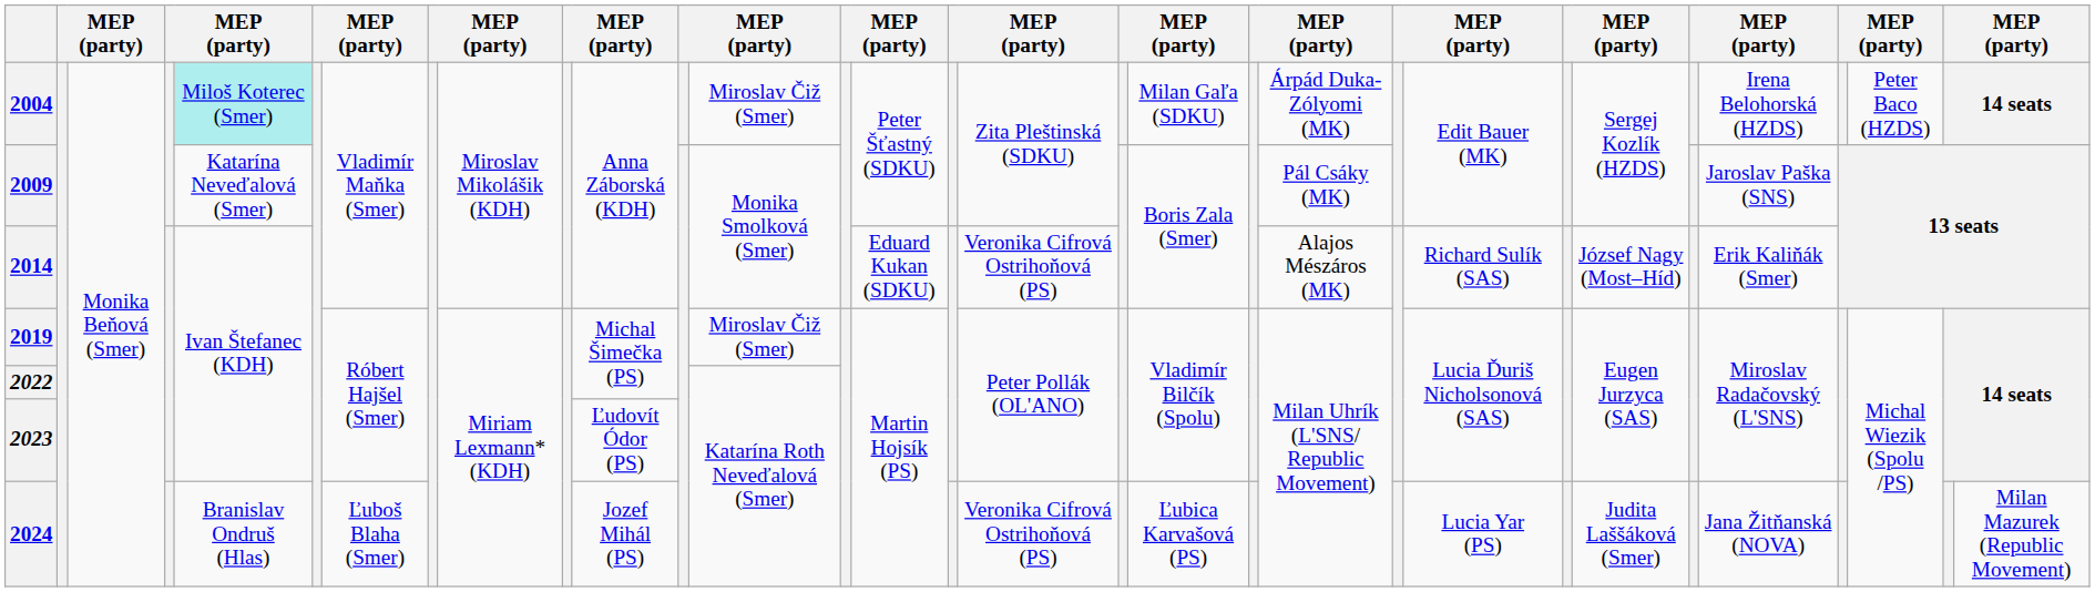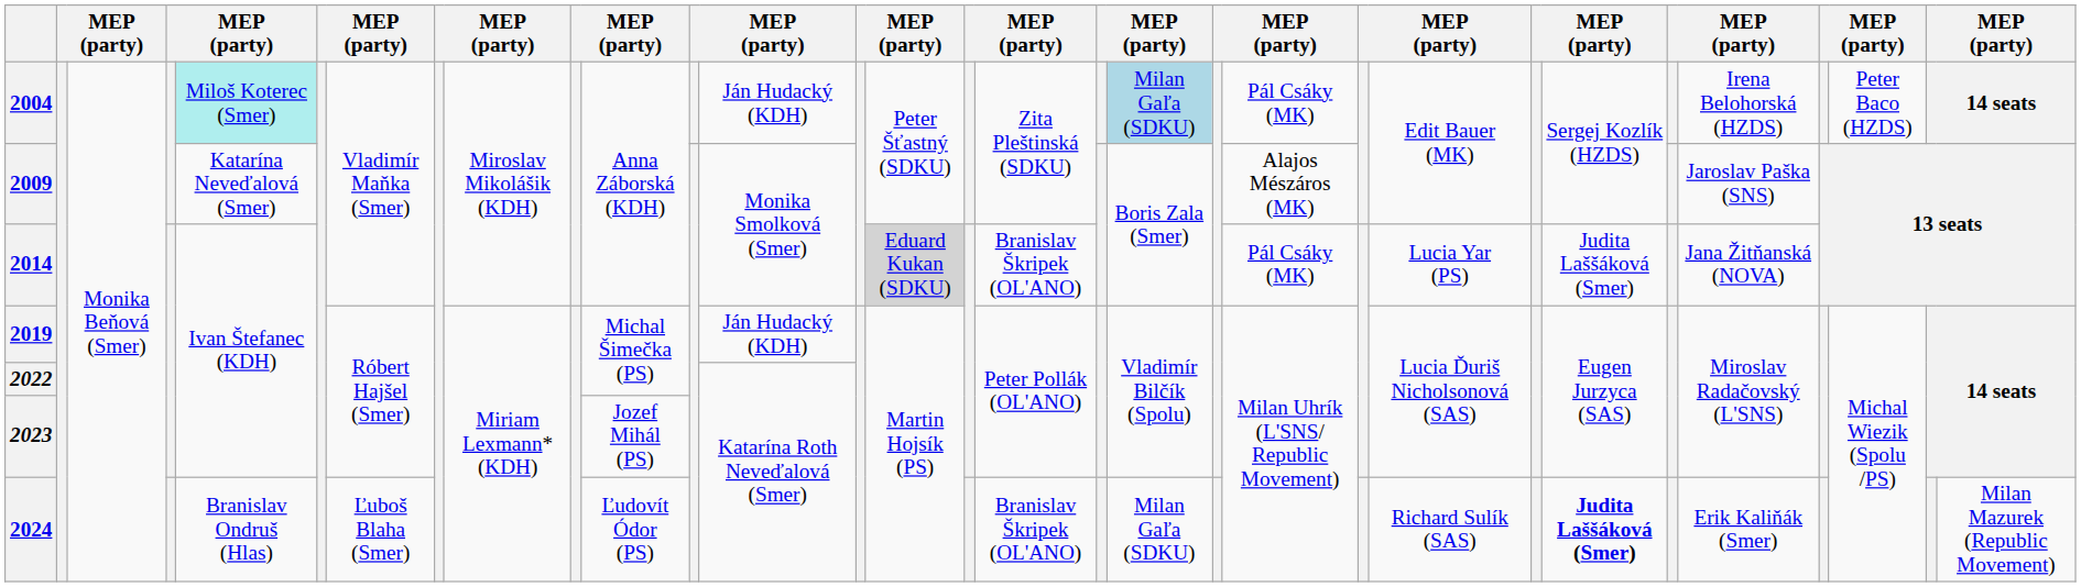 <table class="wikitable" style="text-align:center">
 <tr>
 <th></th>
 <th colspan=2>MEP<br>(party)</th>
 <th colspan=2>MEP<br>(party)</th>
 <th colspan=2>MEP<br>(party)</th>
 <th colspan=2>MEP<br>(party)</th>
 <th colspan=2>MEP<br>(party)</th>
 <th colspan=2>MEP<br>(party)</th>
 <th colspan=2>MEP<br>(party)</th>
 <th colspan=2>MEP<br>(party)</th>
 <th colspan=2>MEP<br>(party)</th>
 <th colspan=2>MEP<br>(party)</th>
 <th colspan=2>MEP<br>(party)</th>
 <th colspan=2>MEP<br>(party)</th>
 <th colspan=2>MEP<br>(party)</th>
 <th colspan=2>MEP<br>(party)</th>
 <th colspan=2>MEP<br>(party)</th>
 </tr>
 <tr>
 <th><a href='#'>2004</a></th>
 <th rowspan=7 style="background-color: "></th>
 <td rowspan=7><a href='#'>Monika Beňová</a><br>(<a href='#'>Smer</a>)</td>
 <th rowspan=2 style="background-color: "></th>
 <td rowspan=1 style="background: paleturquoise;"><a href='#'>Miloš Koterec</a><br>(<a href='#'>Smer</a>)</td>
 <th rowspan=7 style="background-color: "></th>
 <td rowspan=3><a href='#'>Vladimír Maňka</a><br>(<a href='#'>Smer</a>)</td>
 <th rowspan=7 style="background-color: "></th>
 <td rowspan=3><a href='#'>Miroslav Mikolášik</a><br>(<a href='#'>KDH</a>)</td>
 <th rowspan=3 style="background-color: "></th>
 <td rowspan=3><a href='#'>Anna Záborská</a><br>(<a href='#'>KDH</a>)</td>
 <th rowspan=1 style="background-color: "></th>
-<td rowspan=1><a href='#'>Miroslav Čiž</a><br>(<a href='#'>Smer</a>)</td>
+<td rowspan=1><a href='#'>Ján Hudacký</a><br>(<a href='#'>KDH</a>)</td>
 <th rowspan=3 style="background-color: "></th>
 <td rowspan=2><a href='#'>Peter Šťastný</a><br>(<a href='#'>SDKU</a>)</td>
 <th rowspan=2 style="background-color: "></th>
 <td rowspan=2><a href='#'>Zita Pleštinská</a><br>(<a href='#'>SDKU</a>)</td>
 <th rowspan=1 style="background-color: "></th>
-<td rowspan=1><a href='#'>Milan Gaľa</a><br>(<a href='#'>SDKU</a>)</td>
+<td rowspan=1 style="background: lightblue;"><a href='#'>Milan Gaľa</a><br>(<a href='#'>SDKU</a>)</td>
 <th rowspan=3 style="background-color: "></th>
-<td rowspan=1><a href='#'>Árpád Duka-Zólyomi</a><br>(<a href='#'>MK</a>)</td>
+<td rowspan=1><a href='#'>Pál Csáky</a><br>(<a href='#'>MK</a>)</td>
 <th rowspan=2 style="background-color: "></th>
 <td rowspan=2><a href='#'>Edit Bauer</a><br>(<a href='#'>MK</a>)</td>
 <th rowspan=2 style="background-color: "></th>
 <td rowspan=2><a href='#'>Sergej Kozlík</a><br>(<a href='#'>HZDS</a>)</td>
 <th rowspan=1 style="background-color: "></th>
 <td rowspan=1><a href='#'>Irena Belohorská</a><br>(<a href='#'>HZDS</a>)</td>
 <th rowspan=1 style="background-color: "></th>
 <td rowspan=1><a href='#'>Peter Baco</a><br>(<a href='#'>HZDS</a>)</td>
 <th colspan=2>14 seats</th>
 </tr>
 <tr>
 <th><a href='#'>2009</a></th>
 <td rowspan=1><a href='#'>Katarína Neveďalová</a><br>(<a href='#'>Smer</a>)</td>
 <th rowspan=6 style="background-color: "></th>
 <td rowspan=2><a href='#'>Monika Smolková</a><br>(<a href='#'>Smer</a>)</td>
 <th rowspan=2 style="background-color: "></th>
 <td rowspan=2><a href='#'>Boris Zala</a><br>(<a href='#'>Smer</a>)</td>
-<td rowspan=1><a href='#'>Pál Csáky</a><br>(<a href='#'>MK</a>)</td>
+<td rowspan=1>Alajos Mészáros<br>(<a href='#'>MK</a>)</td>
 <th rowspan=1 style="background-color: "></th>
 <td rowspan=1><a href='#'>Jaroslav Paška</a><br>(<a href='#'>SNS</a>)</td>
 <th colspan=4; rowspan=2>13 seats</th>
 </tr>
 <tr>
 <th><a href='#'>2014</a></th>
 <th rowspan=4 style="background-color: "></th>
 <td rowspan=4><a href='#'>Ivan Štefanec</a><br>(<a href='#'>KDH</a>)</td>
-<td rowspan=1><a href='#'>Eduard Kukan</a><br>(<a href='#'>SDKU</a>)</td>
+<td rowspan=1 style="background: lightgrey;"><a href='#'>Eduard Kukan</a><br>(<a href='#'>SDKU</a>)</td>
 <th rowspan=4 style="background-color: "></th>
-<td rowspan=1><a href='#'>Veronika Cifrová Ostrihoňová</a><br>(<a href='#'>PS</a>)</td>
-<td rowspan=1>Alajos Mészáros<br>(<a href='#'>MK</a>)</td>
+<td rowspan=1><a href='#'>Branislav Škripek</a><br>(<a href='#'>OL'ANO</a>)</td>
+<td rowspan=1><a href='#'>Pál Csáky</a><br>(<a href='#'>MK</a>)</td>
 <th rowspan=4 style="background-color: "></th>
-<td rowspan=1><a href='#'>Richard Sulík</a><br>(<a href='#'>SAS</a>)</td>
+<td rowspan=1><a href='#'>Lucia Yar</a><br>(<a href='#'>PS</a>)</td>
 <th rowspan=1 style="background-color: "></th>
-<td rowspan=1><a href='#'>József Nagy</a><br>(<a href='#'>Most–Híd</a>)</td>
+<td rowspan=1><a href='#'>Judita Laššáková</a><br>(<a href='#'>Smer</a>)</td>
 <th rowspan=1 style="background-color: "></th>
-<td rowspan=1><a href='#'>Erik Kaliňák</a><br>(<a href='#'>Smer</a>)</td>
+<td rowspan=1><a href='#'>Jana Žitňanská</a><br>(<a href='#'>NOVA</a>)</td>
 </tr>
 <tr>
 <th><a href='#'>2019</a></th>
 <td rowspan=3><a href='#'>Róbert Hajšel</a><br>(<a href='#'>Smer</a>)</td>
 <td rowspan=4><a href='#'>Miriam Lexmann</a>*<br>(<a href='#'>KDH</a>)</td>
 <th rowspan=4 style="background-color: "></th>
 <td rowspan=2><a href='#'>Michal Šimečka</a><br>(<a href='#'>PS</a>)</td>
-<td rowspan=1><a href='#'>Miroslav Čiž</a><br>(<a href='#'>Smer</a>)</td>
+<td rowspan=1><a href='#'>Ján Hudacký</a><br>(<a href='#'>KDH</a>)</td>
 <th rowspan=4 style="background-color: "></th>
 <td rowspan=4><a href='#'>Martin Hojsík</a><br>(<a href='#'>PS</a>)</td>
 <td rowspan=3><a href='#'>Peter Pollák</a><br>(<a href='#'>OL'ANO</a>)</td>
 <th rowspan=3 style="background-color: "></th>
 <td rowspan=3><a href='#'>Vladimír Bilčík</a><br>(<a href='#'>Spolu</a>)</td>
 <th rowspan=3 style="background-color: "></th>
 <td rowspan=4><a href='#'>Milan Uhrík</a><br>(<a href='#'>L'SNS</a>/<br><a href='#'>Republic Movement</a>)</td>
 <td rowspan=3><a href='#'>Lucia Ďuriš Nicholsonová</a><br>(<a href='#'>SAS</a>)</td>
 <th rowspan=3 style="background-color: "></th>
 <td rowspan=3><a href='#'>Eugen Jurzyca</a><br>(<a href='#'>SAS</a>)</td>
 <th rowspan=3 style="background-color: "></th>
 <td rowspan=3><a href='#'>Miroslav Radačovský</a><br>(<a href='#'>L'SNS</a>)</td>
 <th rowspan=3 style="background-color: "></th>
 <td rowspan=4><a href='#'>Michal Wiezik</a><br>(<a href='#'>Spolu</a><br>/<a href='#'>PS</a>)</td>
 <th colspan=2; rowspan=3>14 seats</th>
 </tr>
 <tr>
 <th><em>2022</em></th>
 <td rowspan=3><a href='#'>Katarína Roth Neveďalová</a><br>(<a href='#'>Smer</a>)</td>
 </tr>
 <tr>
 <th><em>2023</em></th>
-<td rowspan=1><a href='#'>Ľudovít Ódor</a><br>(<a href='#'>PS</a>)</td>
+<td rowspan=1><a href='#'>Jozef Mihál</a><br>(<a href='#'>PS</a>)</td>
 </tr>
 <tr>
 <th><a href='#'>2024</a></th>
 <th rowspan=1 style="background-color: "></th>
 <td rowspan=1><a href='#'>Branislav Ondruš</a><br>(<a href='#'>Hlas</a>)</td>
 <td rowspan=1><a href='#'>Ľuboš Blaha</a><br>(<a href='#'>Smer</a>)</td>
-<td rowspan=1><a href='#'>Jozef Mihál</a><br>(<a href='#'>PS</a>)</td>
+<td rowspan=1><a href='#'>Ľudovít Ódor</a><br>(<a href='#'>PS</a>)</td>
 <th rowspan=1 style="background-color: "></th>
-<td rowspan=1><a href='#'>Veronika Cifrová Ostrihoňová</a><br>(<a href='#'>PS</a>)</td>
+<td rowspan=1><a href='#'>Branislav Škripek</a><br>(<a href='#'>OL'ANO</a>)</td>
 <th rowspan=1 style="background-color: "></th>
-<td rowspan=1><a href='#'>Ľubica Karvašová</a><br>(<a href='#'>PS</a>)</td>
+<td rowspan=1><a href='#'>Milan Gaľa</a><br>(<a href='#'>SDKU</a>)</td>
 <th rowspan=1 style="background-color: "></th>
 <th rowspan=1 style="background-color: "></th>
-<td rowspan=1><a href='#'>Lucia Yar</a><br>(<a href='#'>PS</a>)</td>
+<td rowspan=1><a href='#'>Richard Sulík</a><br>(<a href='#'>SAS</a>)</td>
 <th rowspan=1 style="background-color: "></th>
-<td rowspan=1><a href='#'>Judita Laššáková</a><br>(<a href='#'>Smer</a>)</td>
+<td rowspan=1><strong><a href='#'>Judita Laššáková</a><br>(<a href='#'>Smer</a>)</strong></td>
 <th rowspan=1 style="background-color: "></th>
-<td rowspan=1><a href='#'>Jana Žitňanská</a><br>(<a href='#'>NOVA</a>)</td>
+<td rowspan=1><a href='#'>Erik Kaliňák</a><br>(<a href='#'>Smer</a>)</td>
 <th rowspan=1 style="background-color: "></th>
 <th rowspan=1 style="background-color: "></th>
 <td rowspan=1><a href='#'>Milan Mazurek</a><br>(<a href='#'>Republic Movement</a>)</td>
 </tr>
 </table>
